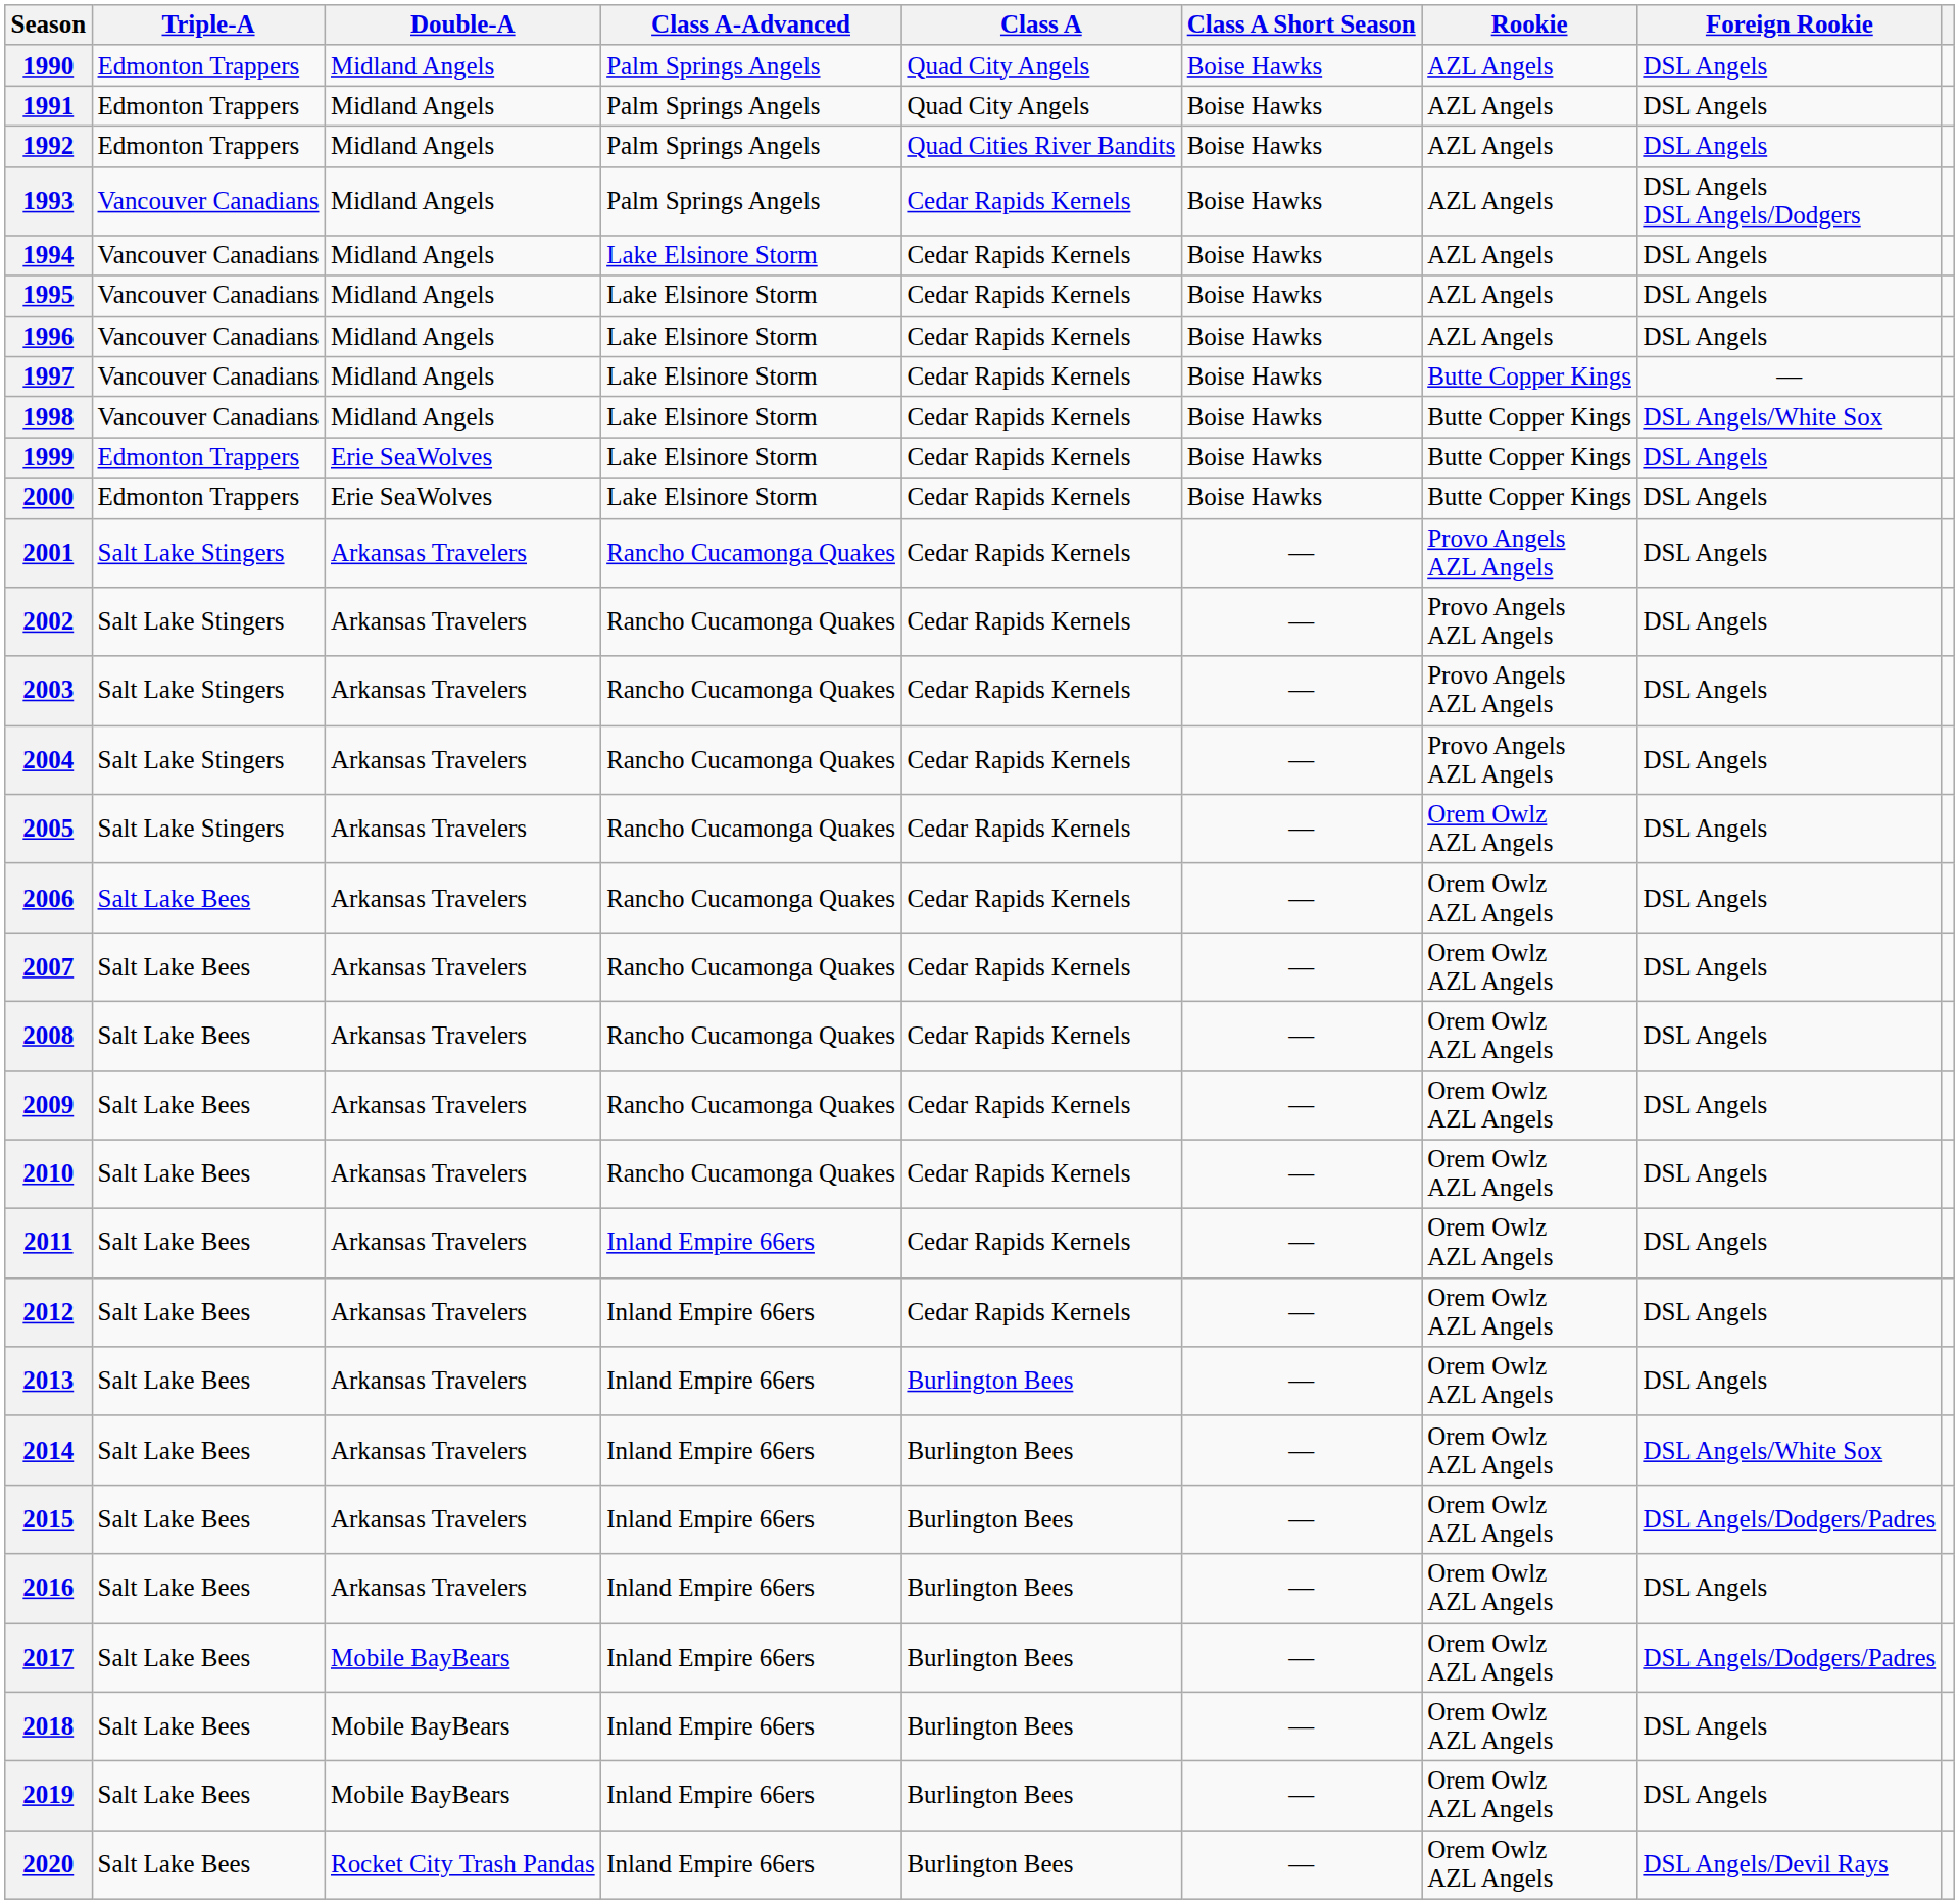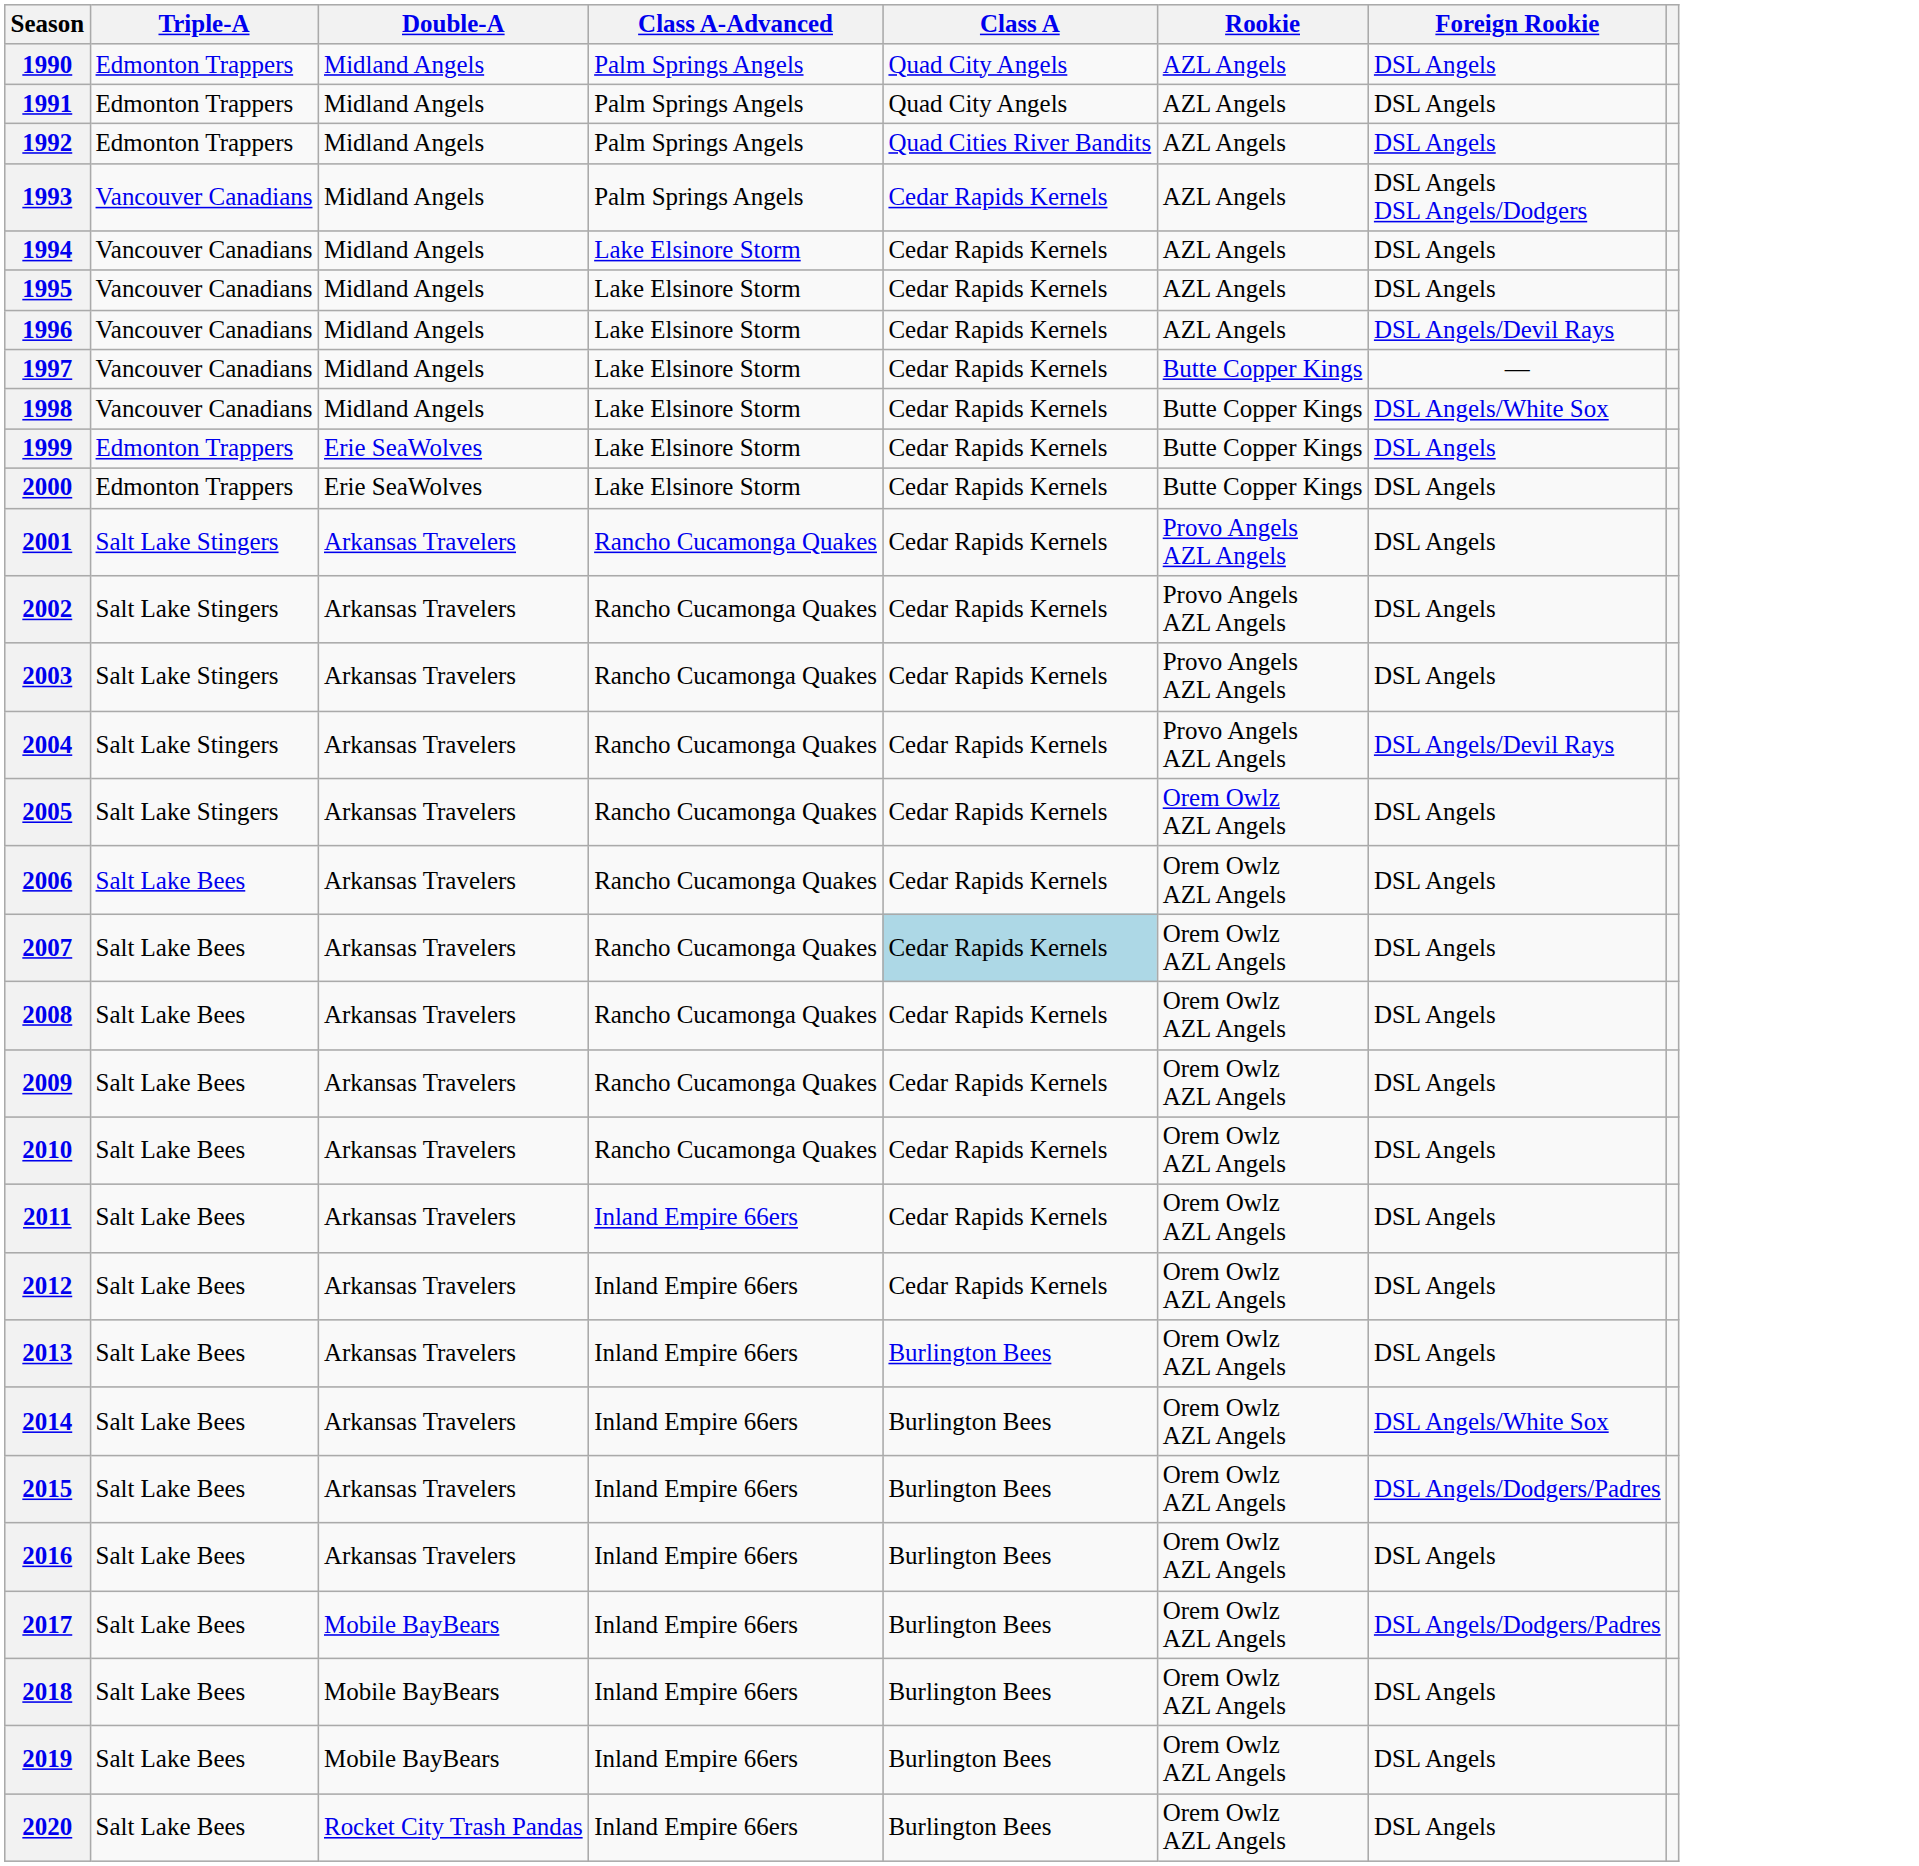 <table class="wikitable plainrowheaders">
 <tr>
 <th scope="col">Season</th>
 <th scope="col"><a href='#'><span>Triple-A</span></a></th>
 <th scope="col"><a href='#'><span>Double-A</span></a></th>
 <th scope="col"><a href='#'><span>Class A-Advanced</span></a></th>
 <th scope="col"><a href='#'><span>Class A</span></a></th>
-<th scope="col"><a href='#'><span>Class A Short Season</span></a></th>
 <th scope="col"><a href='#'><span>Rookie</span></a></th>
 <th scope="col"><a href='#'><span>Foreign Rookie</span></a></th>
 <th scope="col"></th>
 </tr>
 <tr>
 <th scope="row" style="text-align:center"><a href='#'>1990</a></th>
 <td><a href='#'>Edmonton Trappers</a></td>
 <td><a href='#'>Midland Angels</a></td>
 <td><a href='#'>Palm Springs Angels</a></td>
 <td><a href='#'>Quad City Angels</a></td>
-<td><a href='#'>Boise Hawks</a></td>
 <td><a href='#'>AZL Angels</a></td>
 <td><a href='#'>DSL Angels</a></td>
 <td align="center"></td>
 </tr>
 <tr>
 <th scope="row" style="text-align:center"><a href='#'>1991</a></th>
 <td>Edmonton Trappers</td>
 <td>Midland Angels</td>
 <td>Palm Springs Angels</td>
 <td>Quad City Angels</td>
-<td>Boise Hawks</td>
 <td>AZL Angels</td>
 <td>DSL Angels</td>
 <td align="center"></td>
 </tr>
 <tr>
 <th scope="row" style="text-align:center"><a href='#'>1992</a></th>
 <td>Edmonton Trappers</td>
 <td>Midland Angels</td>
 <td>Palm Springs Angels</td>
 <td><a href='#'>Quad Cities River Bandits</a></td>
-<td>Boise Hawks</td>
 <td>AZL Angels</td>
 <td><a href='#'>DSL Angels</a></td>
 <td align="center"></td>
 </tr>
 <tr>
 <th scope="row" style="text-align:center"><a href='#'>1993</a></th>
 <td><a href='#'>Vancouver Canadians</a></td>
 <td>Midland Angels</td>
 <td>Palm Springs Angels</td>
 <td><a href='#'>Cedar Rapids Kernels</a></td>
-<td>Boise Hawks</td>
 <td>AZL Angels</td>
 <td>DSL Angels<br><a href='#'>DSL Angels/Dodgers</a></td>
 <td align="center"></td>
 </tr>
 <tr>
 <th scope="row" style="text-align:center"><a href='#'>1994</a></th>
 <td>Vancouver Canadians</td>
 <td>Midland Angels</td>
 <td><a href='#'>Lake Elsinore Storm</a></td>
 <td>Cedar Rapids Kernels</td>
-<td>Boise Hawks</td>
 <td>AZL Angels</td>
 <td>DSL Angels</td>
 <td align="center"></td>
 </tr>
 <tr>
 <th scope="row" style="text-align:center"><a href='#'>1995</a></th>
 <td>Vancouver Canadians</td>
 <td>Midland Angels</td>
 <td>Lake Elsinore Storm</td>
 <td>Cedar Rapids Kernels</td>
-<td>Boise Hawks</td>
 <td>AZL Angels</td>
 <td>DSL Angels</td>
 <td align="center"></td>
 </tr>
 <tr>
 <th scope="row" style="text-align:center"><a href='#'>1996</a></th>
 <td>Vancouver Canadians</td>
 <td>Midland Angels</td>
 <td>Lake Elsinore Storm</td>
 <td>Cedar Rapids Kernels</td>
-<td>Boise Hawks</td>
 <td>AZL Angels</td>
-<td>DSL Angels</td>
+<td><a href='#'>DSL Angels/Devil Rays</a></td>
 <td align="center"></td>
 </tr>
 <tr>
 <th scope="row" style="text-align:center"><a href='#'>1997</a></th>
 <td>Vancouver Canadians</td>
 <td>Midland Angels</td>
 <td>Lake Elsinore Storm</td>
 <td>Cedar Rapids Kernels</td>
-<td>Boise Hawks</td>
 <td><a href='#'>Butte Copper Kings</a></td>
 <td align="center">—</td>
 <td align="center"></td>
 </tr>
 <tr>
 <th scope="row" style="text-align:center"><a href='#'>1998</a></th>
 <td>Vancouver Canadians</td>
 <td>Midland Angels</td>
 <td>Lake Elsinore Storm</td>
 <td>Cedar Rapids Kernels</td>
-<td>Boise Hawks</td>
 <td>Butte Copper Kings</td>
 <td><a href='#'>DSL Angels/White Sox</a></td>
 <td align="center"></td>
 </tr>
 <tr>
 <th scope="row" style="text-align:center"><a href='#'>1999</a></th>
 <td><a href='#'>Edmonton Trappers</a></td>
 <td><a href='#'>Erie SeaWolves</a></td>
 <td>Lake Elsinore Storm</td>
 <td>Cedar Rapids Kernels</td>
-<td>Boise Hawks</td>
 <td>Butte Copper Kings</td>
 <td><a href='#'>DSL Angels</a></td>
 <td align="center"></td>
 </tr>
 <tr>
 <th scope="row" style="text-align:center"><a href='#'>2000</a></th>
 <td>Edmonton Trappers</td>
 <td>Erie SeaWolves</td>
 <td>Lake Elsinore Storm</td>
 <td>Cedar Rapids Kernels</td>
-<td>Boise Hawks</td>
 <td>Butte Copper Kings</td>
 <td>DSL Angels</td>
 <td align="center"></td>
 </tr>
 <tr>
 <th scope="row" style="text-align:center"><a href='#'>2001</a></th>
 <td><a href='#'>Salt Lake Stingers</a></td>
 <td><a href='#'>Arkansas Travelers</a></td>
 <td><a href='#'>Rancho Cucamonga Quakes</a></td>
 <td>Cedar Rapids Kernels</td>
-<td align="center">—</td>
 <td><a href='#'>Provo Angels</a><br><a href='#'>AZL Angels</a></td>
 <td>DSL Angels</td>
 <td align="center"></td>
 </tr>
 <tr>
 <th scope="row" style="text-align:center"><a href='#'>2002</a></th>
 <td>Salt Lake Stingers</td>
 <td>Arkansas Travelers</td>
 <td>Rancho Cucamonga Quakes</td>
 <td>Cedar Rapids Kernels</td>
-<td align="center">—</td>
 <td>Provo Angels<br>AZL Angels</td>
 <td>DSL Angels</td>
 <td align="center"></td>
 </tr>
 <tr>
 <th scope="row" style="text-align:center"><a href='#'>2003</a></th>
 <td>Salt Lake Stingers</td>
 <td>Arkansas Travelers</td>
 <td>Rancho Cucamonga Quakes</td>
 <td>Cedar Rapids Kernels</td>
-<td align="center">—</td>
 <td>Provo Angels<br>AZL Angels</td>
 <td>DSL Angels</td>
 <td align="center"></td>
 </tr>
 <tr>
 <th scope="row" style="text-align:center"><a href='#'>2004</a></th>
 <td>Salt Lake Stingers</td>
 <td>Arkansas Travelers</td>
 <td>Rancho Cucamonga Quakes</td>
 <td>Cedar Rapids Kernels</td>
-<td align="center">—</td>
 <td>Provo Angels<br>AZL Angels</td>
-<td>DSL Angels</td>
+<td><a href='#'>DSL Angels/Devil Rays</a></td>
 <td align="center"></td>
 </tr>
 <tr>
 <th scope="row" style="text-align:center"><a href='#'>2005</a></th>
 <td>Salt Lake Stingers</td>
 <td>Arkansas Travelers</td>
 <td>Rancho Cucamonga Quakes</td>
 <td>Cedar Rapids Kernels</td>
-<td align="center">—</td>
 <td><a href='#'>Orem Owlz</a><br>AZL Angels</td>
 <td>DSL Angels</td>
 <td align="center"></td>
 </tr>
 <tr>
 <th scope="row" style="text-align:center"><a href='#'>2006</a></th>
 <td><a href='#'>Salt Lake Bees</a></td>
 <td>Arkansas Travelers</td>
 <td>Rancho Cucamonga Quakes</td>
 <td>Cedar Rapids Kernels</td>
-<td align="center">—</td>
 <td>Orem Owlz<br>AZL Angels</td>
 <td>DSL Angels</td>
 <td align="center"></td>
 </tr>
 <tr>
 <th scope="row" style="text-align:center"><a href='#'>2007</a></th>
 <td>Salt Lake Bees</td>
 <td>Arkansas Travelers</td>
 <td>Rancho Cucamonga Quakes</td>
-<td>Cedar Rapids Kernels</td>
-<td align="center">—</td>
+<td style="background: lightblue;">Cedar Rapids Kernels</td>
 <td>Orem Owlz<br>AZL Angels</td>
 <td>DSL Angels</td>
 <td align="center"></td>
 </tr>
 <tr>
 <th scope="row" style="text-align:center"><a href='#'>2008</a></th>
 <td>Salt Lake Bees</td>
 <td>Arkansas Travelers</td>
 <td>Rancho Cucamonga Quakes</td>
 <td>Cedar Rapids Kernels</td>
-<td align="center">—</td>
 <td>Orem Owlz<br>AZL Angels</td>
 <td>DSL Angels</td>
 <td align="center"></td>
 </tr>
 <tr>
 <th scope="row" style="text-align:center"><a href='#'>2009</a></th>
 <td>Salt Lake Bees</td>
 <td>Arkansas Travelers</td>
 <td>Rancho Cucamonga Quakes</td>
 <td>Cedar Rapids Kernels</td>
-<td align="center">—</td>
 <td>Orem Owlz<br>AZL Angels</td>
 <td>DSL Angels</td>
 <td align="center"></td>
 </tr>
 <tr>
 <th scope="row" style="text-align:center"><a href='#'>2010</a></th>
 <td>Salt Lake Bees</td>
 <td>Arkansas Travelers</td>
 <td>Rancho Cucamonga Quakes</td>
 <td>Cedar Rapids Kernels</td>
-<td align="center">—</td>
 <td>Orem Owlz<br>AZL Angels</td>
 <td>DSL Angels</td>
 <td align="center"></td>
 </tr>
 <tr>
 <th scope="row" style="text-align:center"><a href='#'>2011</a></th>
 <td>Salt Lake Bees</td>
 <td>Arkansas Travelers</td>
 <td><a href='#'>Inland Empire 66ers</a></td>
 <td>Cedar Rapids Kernels</td>
-<td align="center">—</td>
 <td>Orem Owlz<br>AZL Angels</td>
 <td>DSL Angels</td>
 <td align="center"></td>
 </tr>
 <tr>
 <th scope="row" style="text-align:center"><a href='#'>2012</a></th>
 <td>Salt Lake Bees</td>
 <td>Arkansas Travelers</td>
 <td>Inland Empire 66ers</td>
 <td>Cedar Rapids Kernels</td>
-<td align="center">—</td>
 <td>Orem Owlz<br>AZL Angels</td>
 <td>DSL Angels</td>
 <td align="center"></td>
 </tr>
 <tr>
 <th scope="row" style="text-align:center"><a href='#'>2013</a></th>
 <td>Salt Lake Bees</td>
 <td>Arkansas Travelers</td>
 <td>Inland Empire 66ers</td>
 <td><a href='#'>Burlington Bees</a></td>
-<td align="center">—</td>
 <td>Orem Owlz<br>AZL Angels</td>
 <td>DSL Angels</td>
 <td align="center"></td>
 </tr>
 <tr>
 <th scope="row" style="text-align:center"><a href='#'>2014</a></th>
 <td>Salt Lake Bees</td>
 <td>Arkansas Travelers</td>
 <td>Inland Empire 66ers</td>
 <td>Burlington Bees</td>
-<td align="center">—</td>
 <td>Orem Owlz<br>AZL Angels</td>
 <td><a href='#'>DSL Angels/White Sox</a></td>
 <td align="center"></td>
 </tr>
 <tr>
 <th scope="row" style="text-align:center"><a href='#'>2015</a></th>
 <td>Salt Lake Bees</td>
 <td>Arkansas Travelers</td>
 <td>Inland Empire 66ers</td>
 <td>Burlington Bees</td>
-<td align="center">—</td>
 <td>Orem Owlz<br>AZL Angels</td>
 <td><a href='#'>DSL Angels/Dodgers/Padres</a></td>
 <td align="center"></td>
 </tr>
 <tr>
 <th scope="row" style="text-align:center"><a href='#'>2016</a></th>
 <td>Salt Lake Bees</td>
 <td>Arkansas Travelers</td>
 <td>Inland Empire 66ers</td>
 <td>Burlington Bees</td>
-<td align="center">—</td>
 <td>Orem Owlz<br>AZL Angels</td>
 <td>DSL Angels</td>
 <td align="center"></td>
 </tr>
 <tr>
 <th scope="row" style="text-align:center"><a href='#'>2017</a></th>
 <td>Salt Lake Bees</td>
 <td><a href='#'>Mobile BayBears</a></td>
 <td>Inland Empire 66ers</td>
 <td>Burlington Bees</td>
-<td align="center">—</td>
 <td>Orem Owlz<br>AZL Angels</td>
 <td><a href='#'>DSL Angels/Dodgers/Padres</a></td>
 <td align="center"></td>
 </tr>
 <tr>
 <th scope="row" style="text-align:center"><a href='#'>2018</a></th>
 <td>Salt Lake Bees</td>
 <td>Mobile BayBears</td>
 <td>Inland Empire 66ers</td>
 <td>Burlington Bees</td>
-<td align="center">—</td>
 <td>Orem Owlz<br>AZL Angels</td>
 <td>DSL Angels</td>
 <td align="center"></td>
 </tr>
 <tr>
 <th scope="row" style="text-align:center"><a href='#'>2019</a></th>
 <td>Salt Lake Bees</td>
 <td>Mobile BayBears</td>
 <td>Inland Empire 66ers</td>
 <td>Burlington Bees</td>
-<td align="center">—</td>
 <td>Orem Owlz<br>AZL Angels</td>
 <td>DSL Angels</td>
 <td align="center"></td>
 </tr>
 <tr>
 <th scope="row" style="text-align:center"><a href='#'>2020</a></th>
 <td>Salt Lake Bees</td>
 <td><a href='#'>Rocket City Trash Pandas</a></td>
 <td>Inland Empire 66ers</td>
 <td>Burlington Bees</td>
-<td align="center">—</td>
 <td>Orem Owlz<br>AZL Angels</td>
-<td><a href='#'>DSL Angels/Devil Rays</a></td>
+<td>DSL Angels</td>
 <td align="center"></td>
 </tr>
 </table>
